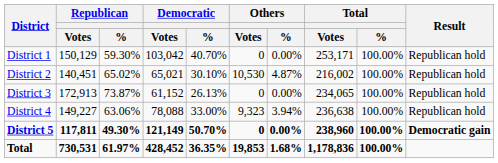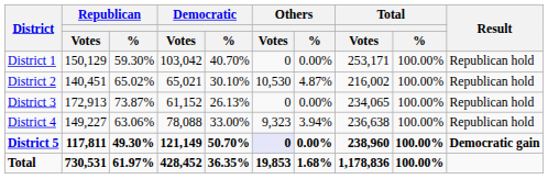 <table class="wikitable plainrowheaders sortable" style="font-size:100%; text-align:right;">
 <tr>
 <th scope=col rowspan=3><a href='#'>District</a></th>
 <th scope=col colspan=2><a href='#'>Republican</a></th>
 <th scope=col colspan=2><a href='#'>Democratic</a></th>
 <th scope=col colspan=2>Others</th>
 <th scope=col colspan=2>Total</th>
 <th scope=col rowspan=3>Result</th>
 </tr>
 <tr>
 <th scope=col colspan=2 style="background:"></th>
 <th scope=col colspan=2 style="background:"></th>
 <th scope=col colspan=2></th>
 <th scope=col colspan=2></th>
 </tr>
 <tr>
 <th scope=col data-sort-type="number">Votes</th>
 <th scope=col data-sort-type="number">%</th>
 <th scope=col data-sort-type="number">Votes</th>
 <th scope=col data-sort-type="number">%</th>
 <th scope=col data-sort-type="number">Votes</th>
 <th scope=col data-sort-type="number">%</th>
 <th scope=col data-sort-type="number">Votes</th>
 <th scope=col data-sort-type="number">%</th>
 </tr>
 <tr>
 <td align=left><a href='#'>District 1</a></td>
 <td>150,129</td>
 <td>59.30%</td>
 <td>103,042</td>
 <td>40.70%</td>
 <td>0</td>
 <td>0.00%</td>
 <td>253,171</td>
 <td>100.00%</td>
 <td align=left>Republican hold</td>
 </tr>
 <tr>
 <td align=left><a href='#'>District 2</a></td>
 <td>140,451</td>
 <td>65.02%</td>
 <td>65,021</td>
 <td>30.10%</td>
 <td>10,530</td>
 <td>4.87%</td>
 <td>216,002</td>
 <td>100.00%</td>
 <td align=left>Republican hold</td>
 </tr>
 <tr>
 <td align=left><a href='#'>District 3</a></td>
 <td>172,913</td>
 <td>73.87%</td>
 <td>61,152</td>
 <td>26.13%</td>
 <td>0</td>
 <td>0.00%</td>
 <td>234,065</td>
 <td>100.00%</td>
 <td align=left>Republican hold</td>
 </tr>
 <tr>
 <td align=left><a href='#'>District 4</a></td>
 <td>149,227</td>
 <td>63.06%</td>
 <td>78,088</td>
 <td>33.00%</td>
 <td>9,323</td>
 <td>3.94%</td>
 <td>236,638</td>
 <td>100.00%</td>
 <td align=left>Republican hold</td>
 </tr>
 <tr>
 <td align=left><strong><a href='#'>District 5</a></strong></td>
 <td><strong>117,811</strong></td>
 <td><strong>49.30%</strong></td>
 <td><strong>121,149</strong></td>
 <td><strong>50.70%</strong></td>
-<td><strong>0</strong></td>
+<td style="background: lavender;"><strong>0</strong></td>
 <td><strong>0.00%</strong></td>
 <td><strong>238,960</strong></td>
 <td><strong>100.00%</strong></td>
 <td align=left><strong>Democratic gain</strong></td>
 </tr>
 <tr class="sortbottom" style="font-weight:bold">
 <td align=left>Total</td>
 <td>730,531</td>
 <td>61.97%</td>
 <td>428,452</td>
 <td>36.35%</td>
 <td>19,853</td>
 <td>1.68%</td>
 <td>1,178,836</td>
 <td>100.00%</td>
 <td></td>
 </tr>
 </table>
